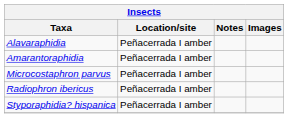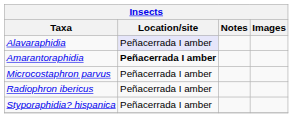 <table class="wikitable sortable" align="center">
 <tr>
 <th colspan="5" align="center"><strong><a href='#'>Insects</a></strong></th>
 </tr>
 <tr>
 <th>Taxa</th>
 <th>Location/site</th>
 <th>Notes</th>
 <th>Images</th>
 </tr>
 <tr>
 <td><em><a href='#'>Alavaraphidia</a></em></td>
-<td>Peñacerrada I amber</td>
+<td style="background: lavender;">Peñacerrada I amber</td>
 <td></td>
 <td></td>
 </tr>
 <tr>
 <td><em><a href='#'>Amarantoraphidia</a></em></td>
-<td>Peñacerrada I amber</td>
+<td><strong>Peñacerrada I amber</strong></td>
 <td></td>
 <td></td>
 </tr>
 <tr>
 <td><em><a href='#'>Microcostaphron parvus</a></em></td>
 <td>Peñacerrada I amber</td>
 <td></td>
 <td></td>
 </tr>
 <tr>
 <td><em><a href='#'>Radiophron ibericus</a></em></td>
 <td>Peñacerrada I amber</td>
 <td></td>
 <td></td>
 </tr>
 <tr>
 <td><em><a href='#'>Styporaphidia? hispanica</a></em></td>
 <td>Peñacerrada I amber</td>
 <td></td>
 <td></td>
 </tr>
 <tr>
 </tr>
 </table>
